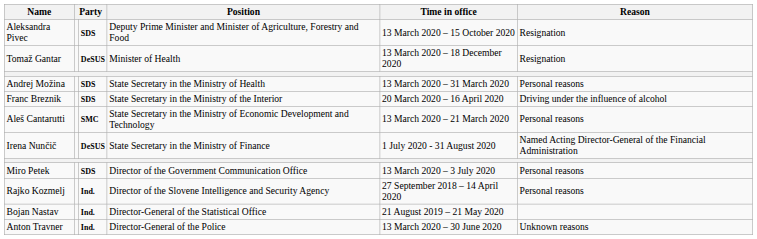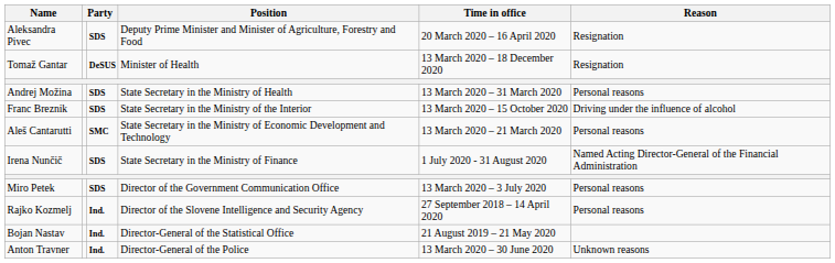 <table class="wikitable">
 <tr>
 <th>Name</th>
 <th colspan="2">Party</th>
 <th>Position</th>
 <th>Time in office</th>
 <th>Reason</th>
 </tr>
 <tr>
 <td>Aleksandra Pivec</td>
 <td></td>
 <td><strong><small>SDS</small></strong></td>
 <td>Deputy Prime Minister and Minister of Agriculture, Forestry and Food</td>
-<td>13 March 2020 – 15 October 2020</td>
+<td>20 March 2020 – 16 April 2020</td>
 <td>Resignation</td>
 </tr>
 <tr>
 <td>Tomaž Gantar</td>
 <td></td>
 <td><strong><small>DeSUS</small></strong></td>
 <td>Minister of Health</td>
 <td>13 March 2020 – 18 December 2020</td>
 <td>Resignation</td>
 </tr>
 <tr>
 <th colspan="6"></th>
 </tr>
 <tr>
 <td>Andrej Možina</td>
 <td style="background:"></td>
 <td><strong><small>SDS</small></strong></td>
 <td>State Secretary in the Ministry of Health</td>
 <td>13 March 2020 – 31 March 2020</td>
 <td>Personal reasons</td>
 </tr>
 <tr>
 <td>Franc Breznik</td>
 <td style="background:"></td>
 <td><strong><small>SDS</small></strong></td>
 <td>State Secretary in the Ministry of the Interior</td>
-<td>20 March 2020 – 16 April 2020</td>
+<td>13 March 2020 – 15 October 2020</td>
 <td>Driving under the influence of alcohol</td>
 </tr>
 <tr>
 <td>Aleš Cantarutti</td>
 <td style="background:"></td>
 <td><strong><small>SMC</small></strong></td>
 <td>State Secretary in the Ministry of Economic Development and Technology</td>
 <td>13 March 2020 – 21 March 2020</td>
 <td>Personal reasons</td>
 </tr>
 <tr>
 <td>Irena Nunčič</td>
 <td></td>
-<td><strong><small>DeSUS</small></strong></td>
+<td><strong><small>SDS</small></strong></td>
 <td>State Secretary in the Ministry of Finance</td>
 <td>1 July 2020 - 31 August 2020</td>
 <td>Named Acting Director-General of the Financial Administration</td>
 </tr>
 <tr>
 <th colspan="6"></th>
 </tr>
 <tr>
 <td>Miro Petek</td>
 <td style="background:"></td>
 <td><strong><small>SDS</small></strong></td>
 <td>Director of the Government Communication Office</td>
 <td>13 March 2020 – 3 July 2020</td>
 <td>Personal reasons</td>
 </tr>
 <tr>
 <td>Rajko Kozmelj</td>
 <td></td>
 <td><strong><small>Ind.</small></strong></td>
 <td>Director of the Slovene Intelligence and Security Agency</td>
 <td>27 September 2018 – 14 April 2020</td>
 <td>Personal reasons</td>
 </tr>
 <tr>
 <td>Bojan Nastav</td>
 <td></td>
 <td><strong><small>Ind.</small></strong></td>
 <td>Director-General of the Statistical Office</td>
 <td>21 August 2019 – 21 May 2020</td>
 <td></td>
 </tr>
 <tr>
 <td>Anton Travner</td>
 <td></td>
 <td><strong><small>Ind.</small></strong></td>
 <td>Director-General of the Police</td>
 <td>13 March 2020 – 30 June 2020</td>
 <td>Unknown reasons</td>
 </tr>
 </table>
